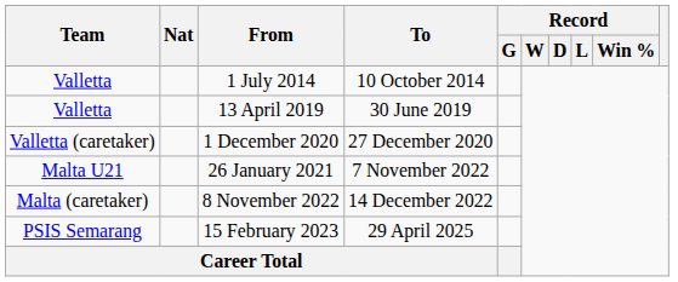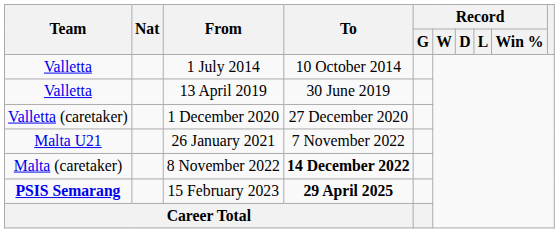 <table class="wikitable" tyle="text-align: center">
 <tr>
 <th rowspan="2">Team</th>
 <th rowspan="2">Nat</th>
 <th rowspan="2">From</th>
 <th rowspan="2">To</th>
 <th colspan="5">Record</th>
 <th rowspan="2"></th>
 </tr>
 <tr>
 <th>G</th>
 <th>W</th>
 <th>D</th>
 <th>L</th>
 <th>Win %</th>
 </tr>
 <tr>
 <td align="center"><a href='#'>Valletta</a></td>
 <td></td>
 <td align="center">1 July 2014</td>
 <td align="center">10 October 2014<br></td>
 <td></td>
 </tr>
 <tr>
 <td align="center"><a href='#'>Valletta</a></td>
 <td></td>
 <td align="center">13 April 2019</td>
 <td align="center">30 June 2019<br></td>
 <td></td>
 </tr>
 <tr>
 <td align="center"><a href='#'>Valletta</a> (caretaker)</td>
 <td></td>
 <td align="center">1 December 2020</td>
 <td align="center">27 December 2020<br></td>
 <td></td>
 </tr>
 <tr>
 <td align="center"><a href='#'>Malta U21</a></td>
 <td></td>
 <td align="center">26 January 2021</td>
 <td align="center">7 November 2022<br></td>
 <td></td>
 </tr>
 <tr>
 <td align="center"><a href='#'>Malta</a> (caretaker)</td>
 <td></td>
 <td align="center">8 November 2022</td>
-<td align="center">14 December 2022<br></td>
+<td align="center"><strong>14 December 2022<br></strong></td>
 <td></td>
 </tr>
 <tr>
-<td align="center"><a href='#'>PSIS Semarang</a></td>
+<td align="center"><strong><a href='#'>PSIS Semarang</a></strong></td>
 <td></td>
 <td align="center">15 February 2023</td>
-<td align="center">29 April 2025<br></td>
+<td align="center"><strong>29 April 2025<br></strong></td>
 <td></td>
 </tr>
 <tr>
 <th colspan="4">Career Total<br></th>
 <th></th>
 </tr>
 </table>
